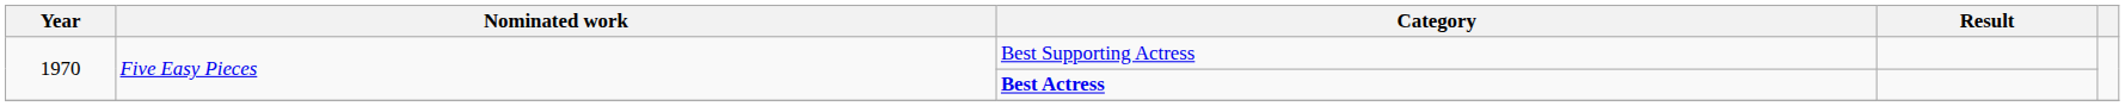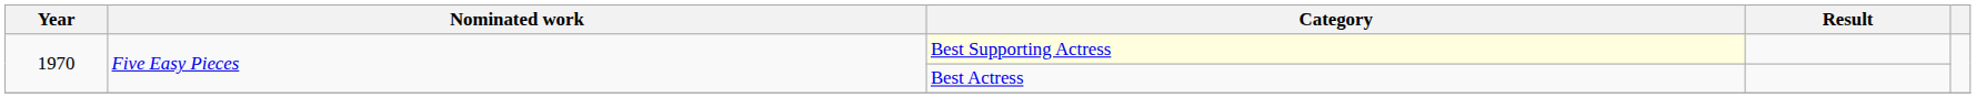 <table class="wikitable" style="width:85%;">
 <tr>
 <th width=5%>Year</th>
 <th style="width:40%;">Nominated work</th>
 <th style="width:40%;">Category</th>
 <th style="width:10%;">Result</th>
 <th width=1%></th>
 </tr>
 <tr>
 <td rowspan="2" style="text-align:center;">1970</td>
 <td rowspan="2"><em><a href='#'>Five Easy Pieces</a></em></td>
-<td><a href='#'>Best Supporting Actress</a></td>
+<td style="background: lightyellow;"><a href='#'>Best Supporting Actress</a></td>
 <td></td>
 <td rowspan="2" style="text-align:center;"></td>
 </tr>
 <tr>
-<td><strong><a href='#'>Best Actress</a></strong></td>
+<td><a href='#'>Best Actress</a></td>
 <td></td>
 </tr>
 <tr>
 </tr>
 </table>
